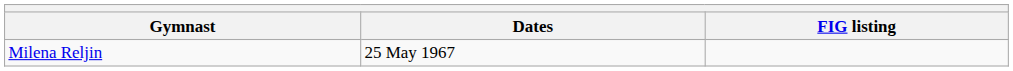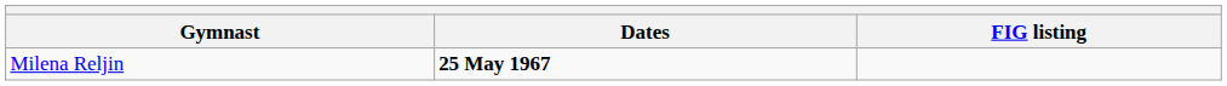 <table class="wikitable mw-collapsible mw-collapsed" width="75%">
 <tr>
 <th colspan="3"></th>
 </tr>
 <tr>
 <th>Gymnast</th>
 <th>Dates</th>
 <th><a href='#'>FIG</a> listing</th>
 </tr>
 <tr>
 <td><a href='#'>Milena Reljin</a></td>
-<td>25 May 1967</td>
+<td><strong>25 May 1967</strong></td>
 <td></td>
 </tr>
 </table>
